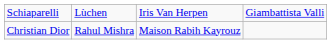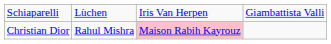 <table class="wikitable">
 <tr>
 <td><a href='#'>Schiaparelli</a></td>
 <td><a href='#'>Lùchen</a></td>
 <td><a href='#'>Iris Van Herpen</a></td>
 <td><a href='#'>Giambattista Valli</a></td>
 </tr>
 <tr>
 <td><a href='#'>Christian Dior</a></td>
 <td><a href='#'>Rahul Mishra</a></td>
-<td><a href='#'>Maison Rabih Kayrouz</a></td>
+<td style="background: pink;"><a href='#'>Maison Rabih Kayrouz</a></td>
 <td></td>
 </tr>
 </table>
